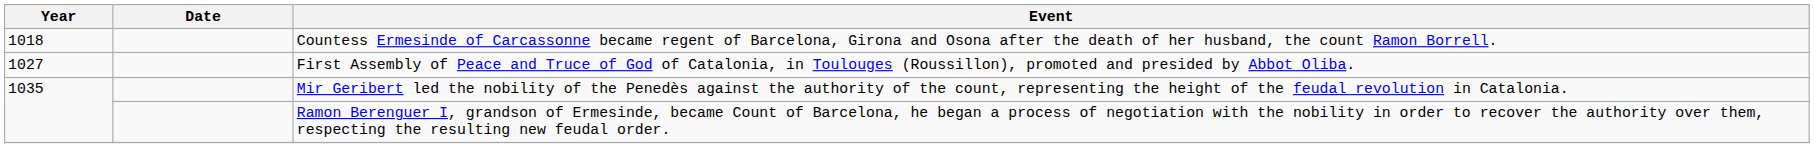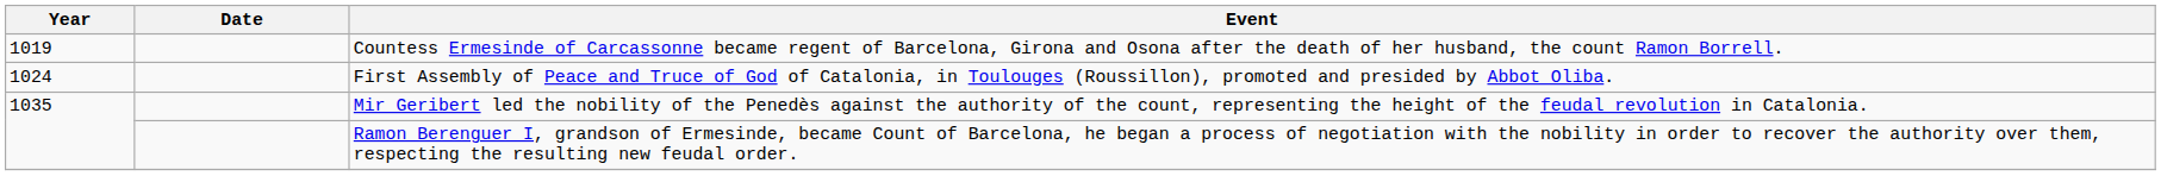 <table class="wikitable" width="100%">
 <tr>
 <th style="width:6%">Year</th>
 <th style="width:10%">Date</th>
 <th>Event</th>
 </tr>
 <tr>
-<td>1018</td>
+<td>1019</td>
 <td></td>
 <td>Countess <a href='#'>Ermesinde of Carcassonne</a> became regent of Barcelona, Girona and Osona after the death of her husband, the count <a href='#'>Ramon Borrell</a>.</td>
 </tr>
 <tr>
-<td>1027</td>
+<td>1024</td>
 <td></td>
 <td>First Assembly of <a href='#'>Peace and Truce of God</a> of Catalonia, in <a href='#'>Toulouges</a> (Roussillon), promoted and presided by <a href='#'>Abbot Oliba</a>.</td>
 </tr>
 <tr>
 <td rowspan="2" valign="top">1035</td>
 <td></td>
 <td><a href='#'>Mir Geribert</a> led the nobility of the Penedès against the authority of the count, representing the height of the <a href='#'>feudal revolution</a> in Catalonia.</td>
 </tr>
 <tr>
 <td></td>
 <td><a href='#'>Ramon Berenguer I</a>, grandson of Ermesinde, became Count of Barcelona, he began a process of negotiation with the nobility in order to recover the authority over them, respecting the resulting new feudal order.</td>
 </tr>
 <tr>
 </tr>
 </table>
